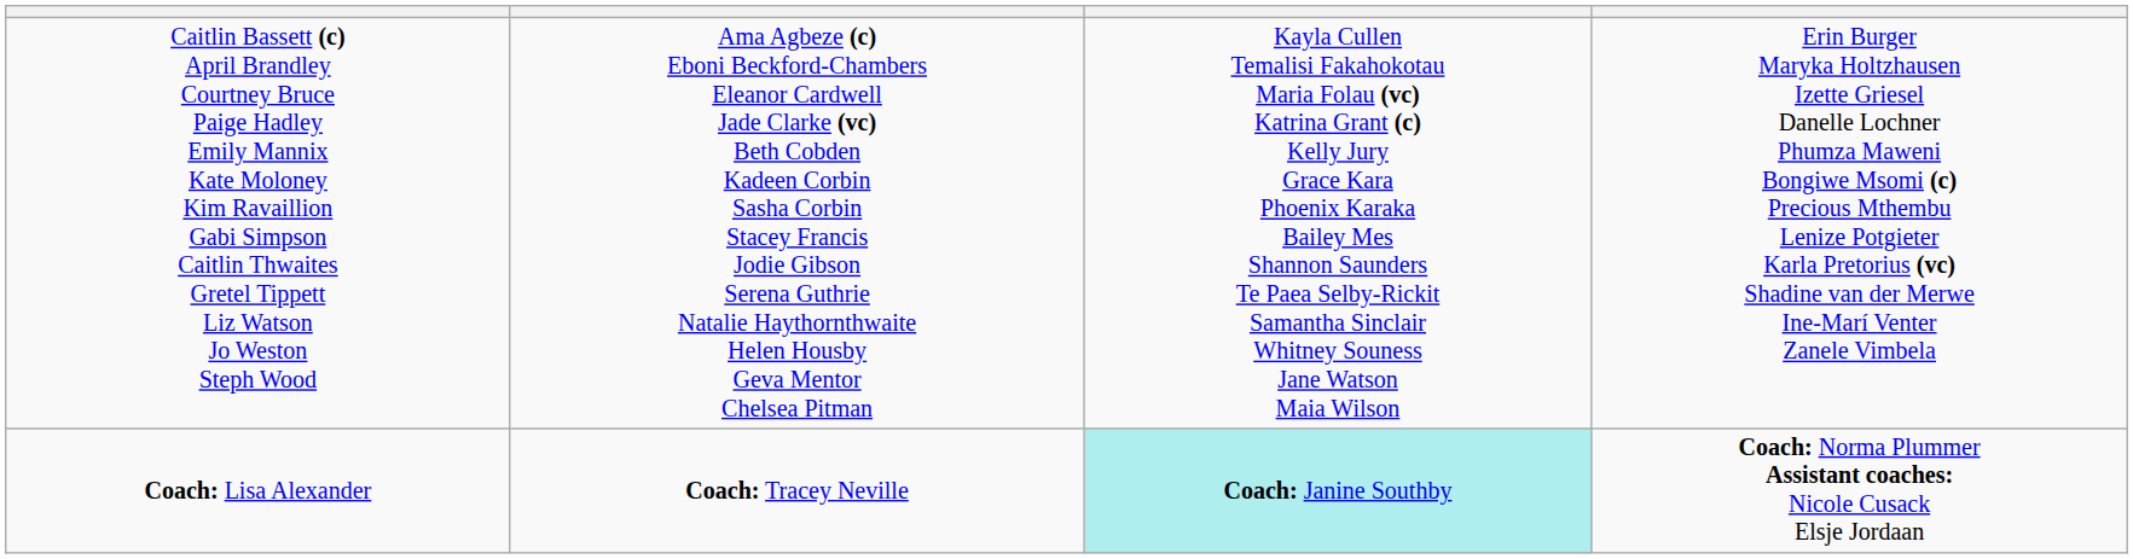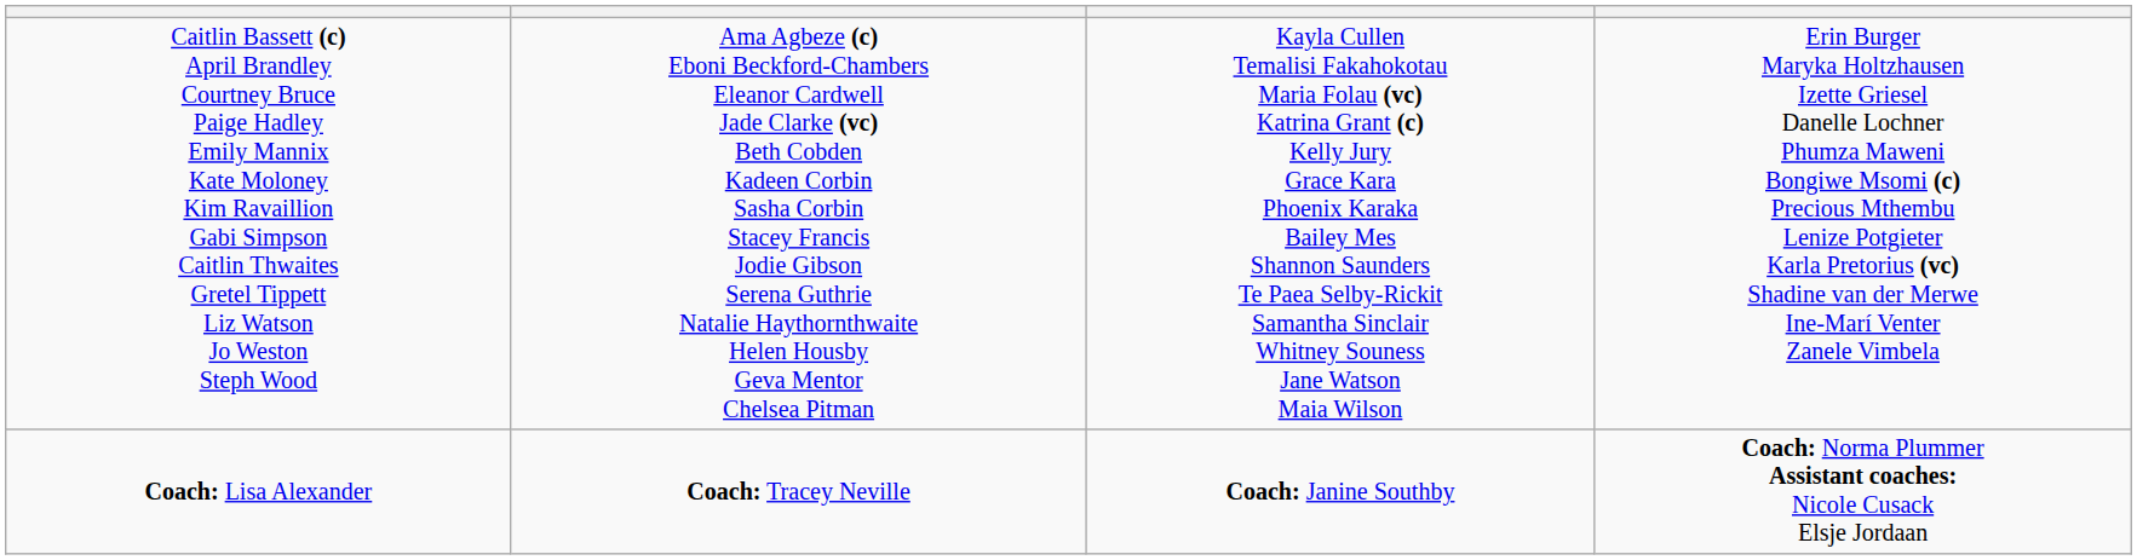 <table class=wikitable width=100% style="text-align:center; font-size:90%">
 <tr>
 <th></th>
 <th></th>
 <th></th>
 <th></th>
 </tr>
 <tr valign=top>
 <td><a href='#'>Caitlin Bassett</a> <strong>(c)</strong><br><a href='#'>April Brandley</a><br><a href='#'>Courtney Bruce</a><br><a href='#'>Paige Hadley</a><br><a href='#'>Emily Mannix</a><br><a href='#'>Kate Moloney</a><br><a href='#'>Kim Ravaillion</a><br><a href='#'>Gabi Simpson</a><br><a href='#'>Caitlin Thwaites</a><br><a href='#'>Gretel Tippett</a><br><a href='#'>Liz Watson</a><br><a href='#'>Jo Weston</a><br><a href='#'>Steph Wood</a></td>
 <td><a href='#'>Ama Agbeze</a> <strong>(c)</strong><br><a href='#'>Eboni Beckford-Chambers</a><br><a href='#'>Eleanor Cardwell</a><br><a href='#'>Jade Clarke</a> <strong>(vc)</strong><br><a href='#'>Beth Cobden</a><br><a href='#'>Kadeen Corbin</a><br><a href='#'>Sasha Corbin</a><br><a href='#'>Stacey Francis</a><br><a href='#'>Jodie Gibson</a><br><a href='#'>Serena Guthrie</a><br><a href='#'>Natalie Haythornthwaite</a><br><a href='#'>Helen Housby</a><br><a href='#'>Geva Mentor</a><br><a href='#'>Chelsea Pitman</a></td>
 <td><a href='#'>Kayla Cullen</a><br><a href='#'>Temalisi Fakahokotau</a><br><a href='#'>Maria Folau</a> <strong>(vc)</strong><br><a href='#'>Katrina Grant</a> <strong>(c)</strong><br><a href='#'>Kelly Jury</a><br><a href='#'>Grace Kara</a><br><a href='#'>Phoenix Karaka</a><br><a href='#'>Bailey Mes</a><br><a href='#'>Shannon Saunders</a><br><a href='#'>Te Paea Selby-Rickit</a><br><a href='#'>Samantha Sinclair</a><br><a href='#'>Whitney Souness</a><br><a href='#'>Jane Watson</a><br><a href='#'>Maia Wilson</a></td>
 <td><a href='#'>Erin Burger</a><br><a href='#'>Maryka Holtzhausen</a><br><a href='#'>Izette Griesel</a><br>Danelle Lochner<br><a href='#'>Phumza Maweni</a><br><a href='#'>Bongiwe Msomi</a> <strong>(c)</strong><br><a href='#'>Precious Mthembu</a><br><a href='#'>Lenize Potgieter</a><br><a href='#'>Karla Pretorius</a> <strong>(vc)</strong><br><a href='#'>Shadine van der Merwe</a><br><a href='#'>Ine-Marí Venter</a><br><a href='#'>Zanele Vimbela</a></td>
 </tr>
 <tr>
 <td> <strong>Coach:</strong> <a href='#'>Lisa Alexander</a></td>
 <td> <strong>Coach:</strong> <a href='#'>Tracey Neville</a></td>
-<td style="background: paleturquoise;"> <strong>Coach:</strong> <a href='#'>Janine Southby</a></td>
+<td> <strong>Coach:</strong> <a href='#'>Janine Southby</a></td>
 <td> <strong>Coach:</strong> <a href='#'>Norma Plummer</a><br><strong>Assistant coaches:</strong><br><a href='#'>Nicole Cusack</a><br>Elsje Jordaan</td>
 </tr>
 </table>
